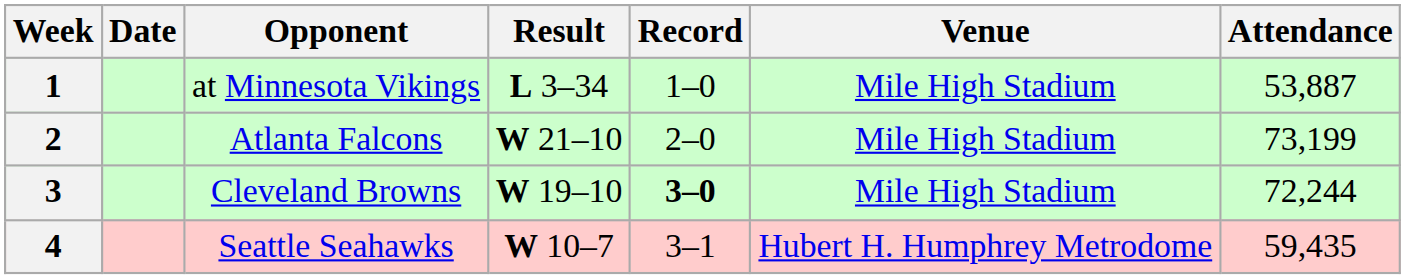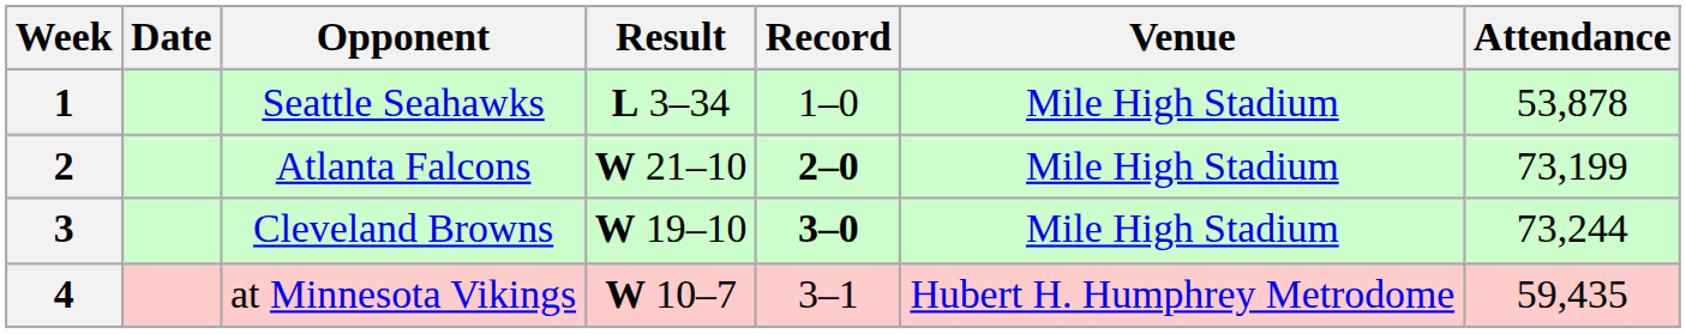 <table class="wikitable" style="text-align:center">
 <tr>
 <th>Week</th>
 <th>Date</th>
 <th>Opponent</th>
 <th>Result</th>
 <th>Record</th>
 <th>Venue</th>
 <th>Attendance</th>
 </tr>
 <tr style="background:#cfc">
 <th>1</th>
 <td></td>
-<td>at <a href='#'>Minnesota Vikings</a></td>
+<td><a href='#'>Seattle Seahawks</a></td>
 <td><strong>L</strong> 3–34</td>
 <td>1–0</td>
 <td><a href='#'>Mile High Stadium</a></td>
-<td>53,887</td>
+<td>53,878</td>
 </tr>
 <tr style="background:#cfc">
 <th>2</th>
 <td></td>
 <td><a href='#'>Atlanta Falcons</a></td>
 <td><strong>W</strong> 21–10</td>
-<td>2–0</td>
+<td><strong>2–0</strong></td>
 <td><a href='#'>Mile High Stadium</a></td>
 <td>73,199</td>
 </tr>
 <tr style="background:#cfc">
 <th>3</th>
 <td></td>
 <td><a href='#'>Cleveland Browns</a></td>
 <td><strong>W</strong> 19–10</td>
 <td><strong>3–0</strong></td>
 <td><a href='#'>Mile High Stadium</a></td>
-<td>72,244</td>
+<td>73,244</td>
 </tr>
 <tr style="background:#fcc">
 <th>4</th>
 <td></td>
-<td><a href='#'>Seattle Seahawks</a></td>
+<td>at <a href='#'>Minnesota Vikings</a></td>
 <td><strong>W</strong> 10–7</td>
 <td>3–1</td>
 <td><a href='#'>Hubert H. Humphrey Metrodome</a></td>
 <td>59,435</td>
 </tr>
 </table>
